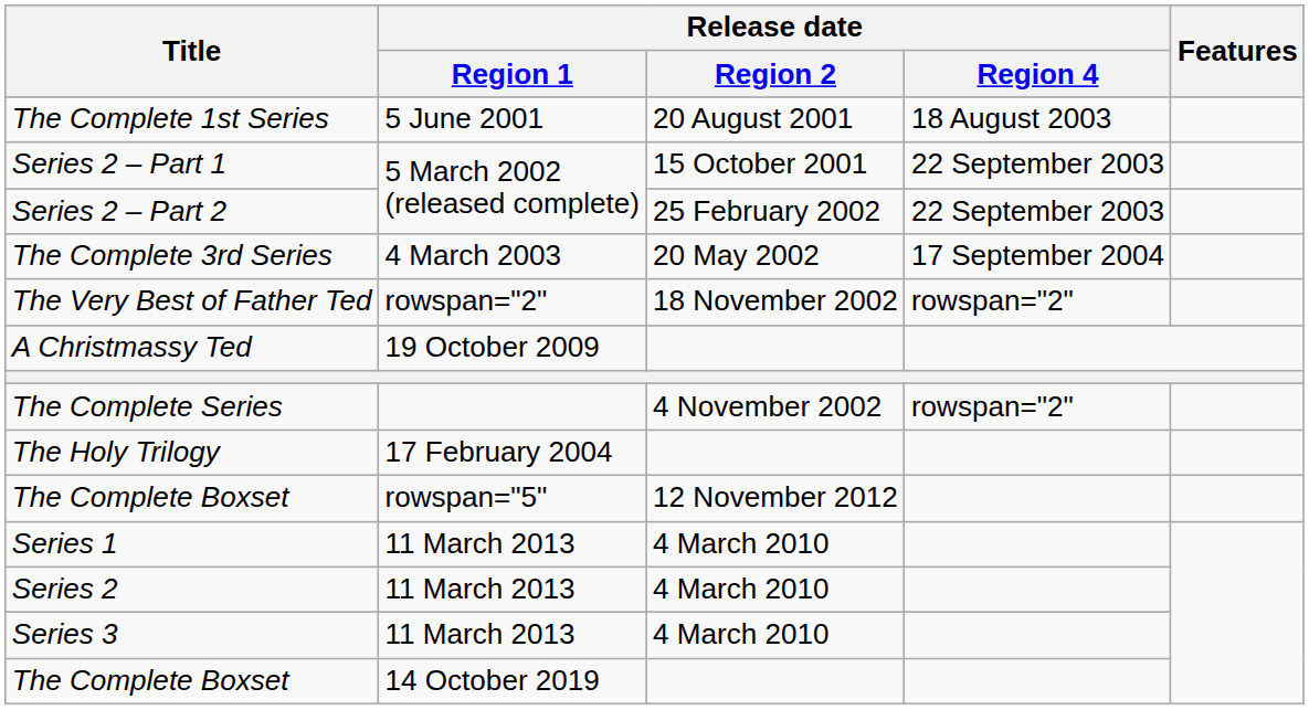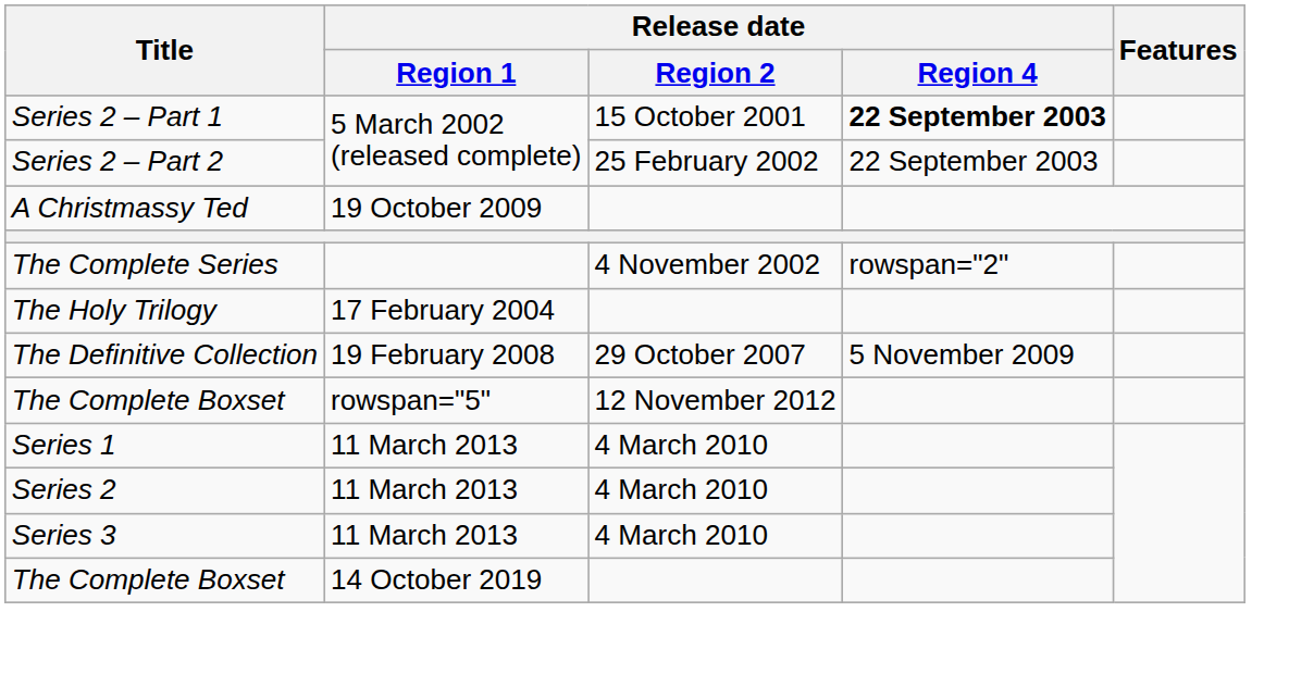 <table class="wikitable">
 <tr>
 <th rowspan="2">Title</th>
 <th colspan="3">Release date</th>
 <th rowspan="2">Features</th>
 </tr>
 <tr>
 <th><a href='#'>Region 1</a></th>
 <th><a href='#'>Region 2</a></th>
 <th><a href='#'>Region 4</a></th>
 </tr>
 <tr>
-<td><em>The Complete 1st Series</em></td>
-<td>5 June 2001</td>
-<td>20 August 2001</td>
-<td>18 August 2003</td>
-<td></td>
-</tr>
-<tr>
 <td><em>Series 2 – Part 1</em></td>
 <td rowspan="2">5 March 2002<br>(released complete)</td>
 <td>15 October 2001</td>
-<td>22 September 2003</td>
+<td><strong>22 September 2003</strong></td>
 <td></td>
 </tr>
 <tr>
 <td><em>Series 2 – Part 2</em></td>
 <td>25 February 2002</td>
 <td>22 September 2003</td>
-<td></td>
-</tr>
-<tr>
-<td><em>The Complete 3rd Series</em></td>
-<td>4 March 2003</td>
-<td>20 May 2002</td>
-<td>17 September 2004</td>
-<td></td>
-</tr>
-<tr>
-<td><em>The Very Best of Father Ted</em></td>
-<td>rowspan="2" </td>
-<td>18 November 2002</td>
-<td>rowspan="2" </td>
 <td></td>
 </tr>
 <tr>
 <td><em>A Christmassy Ted</em></td>
 <td>19 October 2009</td>
 <td></td>
 </tr>
 <tr>
 <th colspan="5"></th>
 </tr>
 <tr>
 <td><em>The Complete Series</em></td>
 <td></td>
 <td>4 November 2002</td>
 <td>rowspan="2" </td>
 <td></td>
 </tr>
 <tr>
 <td><em>The Holy Trilogy</em></td>
 <td>17 February 2004</td>
 <td></td>
+<td></td>
+</tr>
+<tr>
+<td><em>The Definitive Collection</em></td>
+<td>19 February 2008</td>
+<td>29 October 2007</td>
+<td>5 November 2009</td>
 <td></td>
 </tr>
 <tr>
 <td><em>The Complete Boxset</em></td>
 <td>rowspan="5" </td>
 <td>12 November 2012</td>
 <td></td>
 <td></td>
 </tr>
 <tr>
 <td><em>Series 1</em></td>
 <td>11 March 2013</td>
 <td>4 March 2010</td>
 <td></td>
 </tr>
 <tr>
 <td><em>Series 2</em></td>
 <td>11 March 2013</td>
 <td>4 March 2010</td>
 <td></td>
 </tr>
 <tr>
 <td><em>Series 3</em></td>
 <td>11 March 2013</td>
 <td>4 March 2010</td>
 <td></td>
 </tr>
 <tr>
 <td><em>The Complete Boxset</em> </td>
 <td>14 October 2019</td>
 <td></td>
 <td></td>
 </tr>
 </table>
